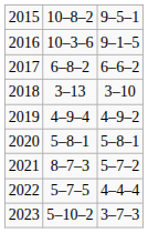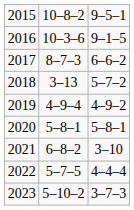 <table class="wikitable" style="text-align:center;">
 <tr>
 <td>2015</td>
 <td>10–8–2</td>
 <td>9–5–1</td>
 </tr>
 <tr>
 <td>2016</td>
 <td>10–3–6</td>
 <td>9–1–5</td>
 </tr>
 <tr>
 <td>2017</td>
-<td>6–8–2</td>
+<td>8–7–3</td>
 <td>6–6–2</td>
 </tr>
 <tr>
 <td>2018</td>
 <td>3–13</td>
-<td>3–10</td>
+<td>5–7–2</td>
 </tr>
 <tr>
 <td>2019</td>
 <td>4–9–4</td>
 <td>4–9–2</td>
 </tr>
 <tr>
 <td>2020</td>
 <td>5–8–1</td>
 <td>5–8–1</td>
 </tr>
 <tr>
 <td>2021</td>
-<td>8–7–3</td>
-<td>5–7–2</td>
+<td>6–8–2</td>
+<td>3–10</td>
 </tr>
 <tr>
 <td>2022</td>
 <td>5–7–5</td>
 <td>4–4–4</td>
 </tr>
 <tr>
 <td>2023</td>
 <td>5–10–2</td>
 <td>3–7–3</td>
 </tr>
 </table>
